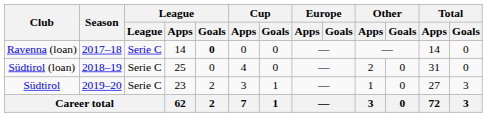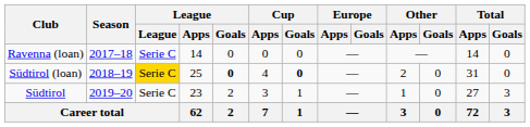 <table class="wikitable" style="text-align: center;">
 <tr>
 <th rowspan="2">Club</th>
 <th rowspan="2">Season</th>
 <th colspan="3">League</th>
 <th colspan="2">Cup</th>
 <th colspan="2">Europe</th>
 <th colspan="2">Other</th>
 <th colspan="2">Total</th>
 </tr>
 <tr>
 <th>League</th>
 <th>Apps</th>
 <th>Goals</th>
 <th>Apps</th>
 <th>Goals</th>
 <th>Apps</th>
 <th>Goals</th>
 <th>Apps</th>
 <th>Goals</th>
 <th>Apps</th>
 <th>Goals</th>
 </tr>
 <tr>
 <td><a href='#'>Ravenna</a> (loan)</td>
 <td><a href='#'>2017–18</a></td>
 <td><a href='#'>Serie C</a></td>
 <td>14</td>
-<td><strong>0</strong></td>
+<td>0</td>
 <td>0</td>
 <td>0</td>
 <td colspan="2">—</td>
 <td colspan="2">—</td>
 <td>14</td>
 <td>0</td>
 </tr>
 <tr>
 <td><a href='#'>Südtirol</a> (loan)</td>
 <td><a href='#'>2018–19</a></td>
-<td>Serie C</td>
+<td style="background: gold;">Serie C</td>
 <td>25</td>
-<td>0</td>
+<td><strong>0</strong></td>
 <td>4</td>
-<td 0>0</td>
+<td 0><strong>0</strong></td>
 <td colspan="2">—</td>
 <td>2</td>
 <td>0</td>
 <td>31</td>
 <td>0</td>
 </tr>
 <tr>
 <td><a href='#'>Südtirol</a></td>
 <td><a href='#'>2019–20</a></td>
 <td>Serie C</td>
 <td>23</td>
 <td>2</td>
 <td>3</td>
 <td>1</td>
 <td colspan="2">—</td>
 <td>1</td>
 <td>0</td>
 <td>27</td>
 <td>3</td>
 </tr>
 <tr>
 <th colspan="3">Career total</th>
 <th>62</th>
 <th>2</th>
 <th>7</th>
 <th>1</th>
 <th colspan="2">—</th>
 <th>3</th>
 <th>0</th>
 <th>72</th>
 <th>3</th>
 </tr>
 </table>
